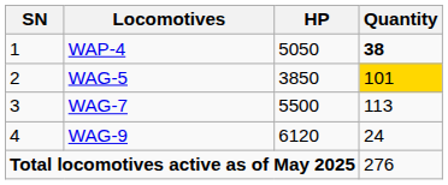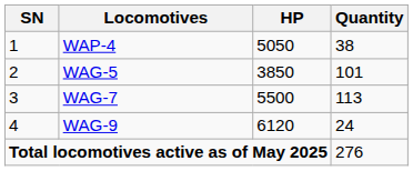 <table class="wikitable">
 <tr>
 <th>SN</th>
 <th>Locomotives</th>
 <th>HP</th>
 <th>Quantity</th>
 </tr>
 <tr>
 <td>1</td>
 <td><a href='#'>WAP-4</a></td>
 <td>5050</td>
-<td><strong>38</strong></td>
+<td>38</td>
 </tr>
 <tr>
 <td>2</td>
 <td><a href='#'>WAG-5</a></td>
 <td>3850</td>
-<td style="background: gold;">101</td>
+<td>101</td>
 </tr>
 <tr>
 <td>3</td>
 <td><a href='#'>WAG-7</a></td>
 <td>5500</td>
 <td>113</td>
 </tr>
 <tr>
 <td>4</td>
 <td><a href='#'>WAG-9</a></td>
 <td>6120</td>
 <td>24</td>
 </tr>
 <tr>
 <td colspan="3"><strong>Total locomotives active as of May 2025</strong></td>
 <td>276</td>
 </tr>
 </table>
